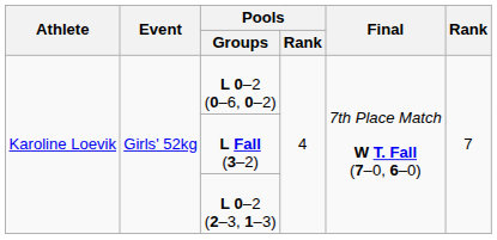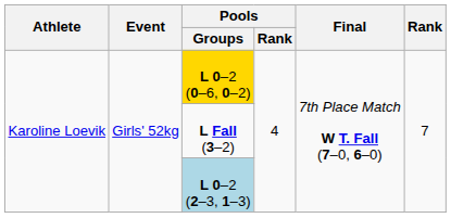 <table class="wikitable" style="text-align:left; font-size:90%">
 <tr>
 <th rowspan="2">Athlete</th>
 <th rowspan="2">Event</th>
 <th colspan="2">Pools</th>
 <th rowspan="2">Final</th>
 <th rowspan="2">Rank</th>
 </tr>
 <tr>
 <th>Groups</th>
 <th>Rank</th>
 </tr>
 <tr>
 <td rowspan="3"><a href='#'>Karoline Loevik</a></td>
 <td rowspan="3"><a href='#'>Girls' 52kg</a></td>
-<td align=center><br><strong>L</strong> <strong>0</strong>–2<br>(<strong>0</strong>–6, <strong>0</strong>–2)</td>
+<td align=center style="background: gold;"><br><strong>L</strong> <strong>0</strong>–2<br>(<strong>0</strong>–6, <strong>0</strong>–2)</td>
 <td rowspan="3" align=center>4</td>
 <td align=center rowspan=3><em>7th Place Match</em><br><br><strong>W</strong> <strong><a href='#'>T. Fall</a></strong><br>(<strong>7</strong>–0, <strong>6</strong>–0)</td>
 <td rowspan="3" align="center">7</td>
 </tr>
 <tr>
 <td align=center><br><strong>L</strong> <strong><a href='#'>Fall</a></strong><br>(<strong>3</strong>–2)</td>
 </tr>
 <tr>
-<td align=center><br><strong>L</strong> <strong>0</strong>–2<br>(<strong>2</strong>–3, <strong>1</strong>–3)</td>
+<td align=center style="background: lightblue;"><br><strong>L</strong> <strong>0</strong>–2<br>(<strong>2</strong>–3, <strong>1</strong>–3)</td>
 </tr>
 </table>
